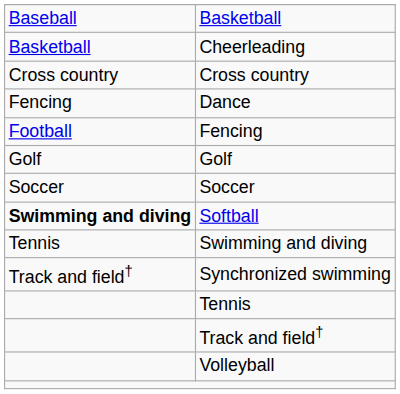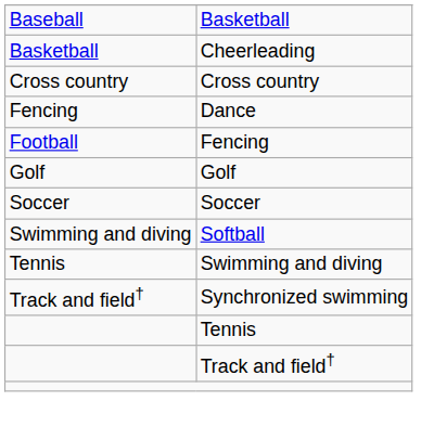 <table class="wikitable">
 <tr>
 </tr>
 <tr>
 <td><a href='#'>Baseball</a></td>
 <td><a href='#'>Basketball</a></td>
 </tr>
 <tr>
 <td><a href='#'>Basketball</a></td>
 <td>Cheerleading</td>
 </tr>
 <tr>
 <td>Cross country</td>
 <td>Cross country</td>
 </tr>
 <tr>
 <td>Fencing</td>
 <td>Dance</td>
 </tr>
 <tr>
 <td><a href='#'>Football</a></td>
 <td>Fencing</td>
 </tr>
 <tr>
 <td>Golf</td>
 <td>Golf</td>
 </tr>
 <tr>
 <td>Soccer</td>
 <td>Soccer</td>
 </tr>
 <tr>
-<td><strong>Swimming and diving</strong></td>
+<td>Swimming and diving</td>
 <td><a href='#'>Softball</a></td>
 </tr>
 <tr>
 <td>Tennis</td>
 <td>Swimming and diving</td>
 </tr>
 <tr>
 <td>Track and field<sup>†</sup></td>
 <td>Synchronized swimming</td>
 </tr>
 <tr>
 <td></td>
 <td>Tennis</td>
 </tr>
 <tr>
 <td></td>
 <td>Track and field<sup>†</sup></td>
 </tr>
 <tr>
-<td></td>
-<td>Volleyball</td>
-</tr>
-<tr>
 <td colspan="2"></td>
 </tr>
 </table>
